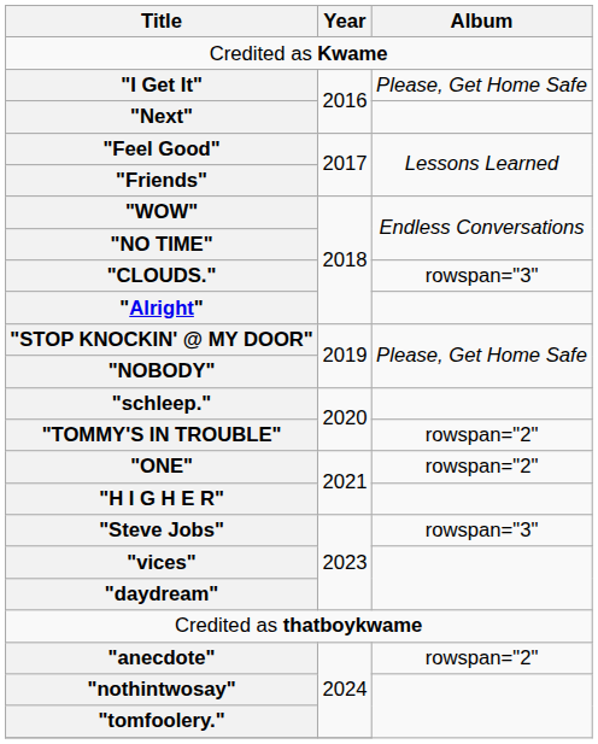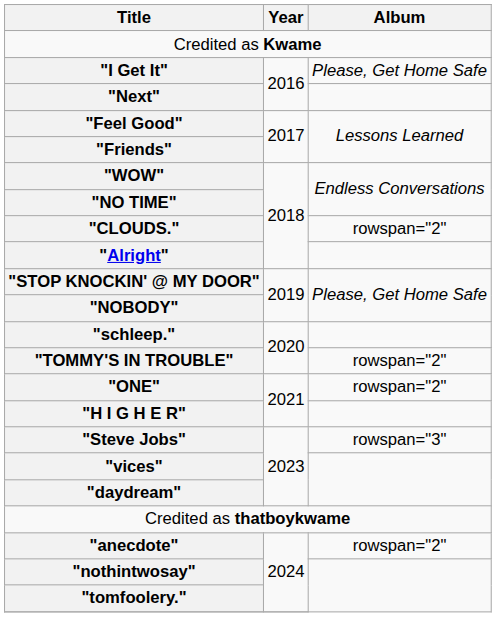 <table class="wikitable plainrowheaders" style="text-align:center;">
 <tr>
 <th>Title</th>
 <th>Year</th>
 <th>Album</th>
 </tr>
 <tr>
 <td colspan=3>Credited as <strong>Kwame</strong></td>
 </tr>
 <tr>
 <th scope="row">"I Get It"</th>
 <td rowspan="2">2016</td>
 <td><em>Please, Get Home Safe</em></td>
 </tr>
 <tr>
 <th scope="row">"Next"</th>
 </tr>
 <tr>
 <th scope="row">"Feel Good"</th>
 <td rowspan="2">2017</td>
 <td rowspan="2"><em>Lessons Learned</em></td>
 </tr>
 <tr>
 <th scope="row">"Friends"</th>
 </tr>
 <tr>
 <th scope="row">"WOW"</th>
 <td rowspan="4">2018</td>
 <td rowspan="2"><em>Endless Conversations</em></td>
 </tr>
 <tr>
 <th scope="row">"NO TIME"</th>
 </tr>
 <tr>
 <th scope="row">"CLOUDS."</th>
-<td>rowspan="3" </td>
+<td>rowspan="2" </td>
 </tr>
 <tr>
 <th scope="row">"<a href='#'>Alright</a>"<br></th>
 </tr>
 <tr>
 <th scope="row">"STOP KNOCKIN' @ MY DOOR"</th>
 <td rowspan="2">2019</td>
 <td rowspan="2"><em>Please, Get Home Safe</em></td>
 </tr>
 <tr>
 <th scope="row">"NOBODY"<br></th>
 </tr>
 <tr>
 <th scope="row">"schleep."</th>
 <td rowspan="2">2020</td>
 <td></td>
 </tr>
 <tr>
 <th scope="row">"TOMMY'S IN TROUBLE"<br></th>
 <td>rowspan="2" </td>
 </tr>
 <tr>
 <th scope="row">"ONE"<br></th>
 <td rowspan="2">2021</td>
 <td>rowspan="2" </td>
 </tr>
 <tr>
 <th scope="row">"H I G H E R"</th>
 </tr>
 <tr>
 <th scope="row">"Steve Jobs"<br></th>
 <td rowspan="3">2023</td>
 <td>rowspan="3" </td>
 </tr>
 <tr>
 <th scope="row">"vices"</th>
 </tr>
 <tr>
 <th scope="row">"daydream"</th>
 </tr>
 <tr>
 <td colspan=3>Credited as <strong>thatboykwame</strong></td>
 </tr>
 <tr>
 <th scope="row">"anecdote"</th>
 <td rowspan="3">2024</td>
 <td>rowspan="2" </td>
 </tr>
 <tr>
 <th scope="row">"nothintwosay"</th>
 </tr>
 <tr>
 <th scope="row">"tomfoolery."</th>
 </tr>
 <tr>
 </tr>
 </table>
